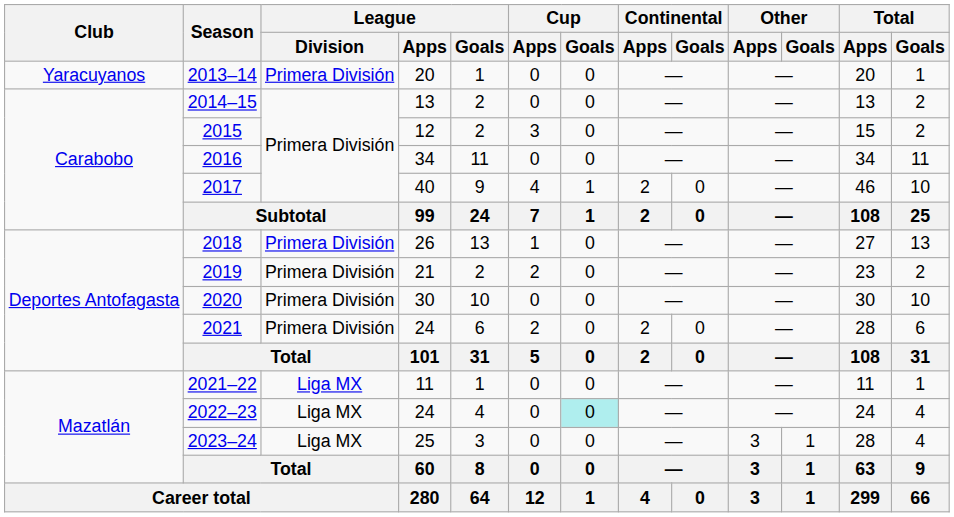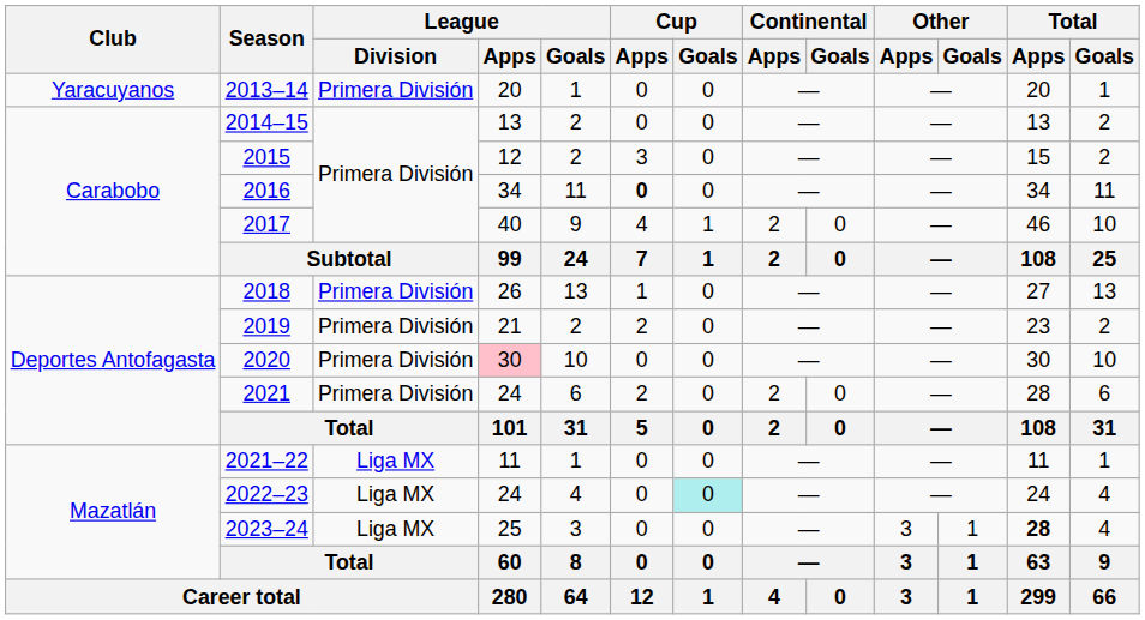 <table class="wikitable" style="text-align:center">
 <tr>
 <th rowspan="2">Club</th>
 <th rowspan="2">Season</th>
 <th colspan="3">League</th>
 <th colspan="2">Cup</th>
 <th colspan="2">Continental</th>
 <th colspan="2">Other</th>
 <th colspan="2">Total</th>
 </tr>
 <tr>
 <th>Division</th>
 <th>Apps</th>
 <th>Goals</th>
 <th>Apps</th>
 <th>Goals</th>
 <th>Apps</th>
 <th>Goals</th>
 <th>Apps</th>
 <th>Goals</th>
 <th>Apps</th>
 <th>Goals</th>
 </tr>
 <tr>
 <td><a href='#'>Yaracuyanos</a></td>
 <td><a href='#'>2013–14</a></td>
 <td><a href='#'>Primera División</a></td>
 <td>20</td>
 <td>1</td>
 <td>0</td>
 <td>0</td>
 <td colspan="2">—</td>
 <td colspan="2">—</td>
 <td>20</td>
 <td>1</td>
 </tr>
 <tr>
 <td rowspan="5"><a href='#'>Carabobo</a></td>
 <td><a href='#'>2014–15</a></td>
 <td rowspan="4">Primera División</td>
 <td>13</td>
 <td>2</td>
 <td>0</td>
 <td>0</td>
 <td colspan="2">—</td>
 <td colspan="2">—</td>
 <td>13</td>
 <td>2</td>
 </tr>
 <tr>
 <td><a href='#'>2015</a></td>
 <td>12</td>
 <td>2</td>
 <td>3</td>
 <td>0</td>
 <td colspan="2">—</td>
 <td colspan="2">—</td>
 <td>15</td>
 <td>2</td>
 </tr>
 <tr>
 <td><a href='#'>2016</a></td>
 <td>34</td>
 <td>11</td>
-<td>0</td>
+<td><strong>0</strong></td>
 <td>0</td>
 <td colspan="2">—</td>
 <td colspan="2">—</td>
 <td>34</td>
 <td>11</td>
 </tr>
 <tr>
 <td><a href='#'>2017</a></td>
 <td>40</td>
 <td>9</td>
 <td>4</td>
 <td>1</td>
 <td>2</td>
 <td>0</td>
 <td colspan="2">—</td>
 <td>46</td>
 <td>10</td>
 </tr>
 <tr>
 <th colspan="2">Subtotal</th>
 <th>99</th>
 <th>24</th>
 <th>7</th>
 <th>1</th>
 <th>2</th>
 <th>0</th>
 <th colspan="2">—</th>
 <th>108</th>
 <th>25</th>
 </tr>
 <tr>
 <td rowspan="5"><a href='#'>Deportes Antofagasta</a></td>
 <td><a href='#'>2018</a></td>
 <td><a href='#'>Primera División</a></td>
 <td>26</td>
 <td>13</td>
 <td>1</td>
 <td>0</td>
 <td colspan="2">—</td>
 <td colspan="2">—</td>
 <td>27</td>
 <td>13</td>
 </tr>
 <tr>
 <td><a href='#'>2019</a></td>
 <td>Primera División</td>
 <td>21</td>
 <td>2</td>
 <td>2</td>
 <td>0</td>
 <td colspan="2">—</td>
 <td colspan="2">—</td>
 <td>23</td>
 <td>2</td>
 </tr>
 <tr>
 <td><a href='#'>2020</a></td>
 <td>Primera División</td>
-<td>30</td>
+<td style="background: pink;">30</td>
 <td>10</td>
 <td>0</td>
 <td>0</td>
 <td colspan="2">—</td>
 <td colspan="2">—</td>
 <td>30</td>
 <td>10</td>
 </tr>
 <tr>
 <td><a href='#'>2021</a></td>
 <td>Primera División</td>
 <td>24</td>
 <td>6</td>
 <td>2</td>
 <td>0</td>
 <td>2</td>
 <td>0</td>
 <td colspan="2">—</td>
 <td>28</td>
 <td>6</td>
 </tr>
 <tr>
 <th colspan="2">Total</th>
 <th>101</th>
 <th>31</th>
 <th>5</th>
 <th>0</th>
 <th>2</th>
 <th>0</th>
 <th colspan="2">—</th>
 <th>108</th>
 <th>31</th>
 </tr>
 <tr>
 <td rowspan="4"><a href='#'>Mazatlán</a></td>
 <td><a href='#'>2021–22</a></td>
 <td><a href='#'>Liga MX</a></td>
 <td>11</td>
 <td>1</td>
 <td>0</td>
 <td>0</td>
 <td colspan="2">—</td>
 <td colspan="2">—</td>
 <td>11</td>
 <td>1</td>
 </tr>
 <tr>
 <td><a href='#'>2022–23</a></td>
 <td>Liga MX</td>
 <td>24</td>
 <td>4</td>
 <td>0</td>
 <td style="background: paleturquoise;">0</td>
 <td colspan="2">—</td>
 <td colspan="2">—</td>
 <td>24</td>
 <td>4</td>
 </tr>
 <tr>
 <td><a href='#'>2023–24</a></td>
 <td>Liga MX</td>
 <td>25</td>
 <td>3</td>
 <td>0</td>
 <td>0</td>
 <td colspan="2">—</td>
 <td>3</td>
 <td>1</td>
-<td>28</td>
+<td><strong>28</strong></td>
 <td>4</td>
 </tr>
 <tr>
 <th colspan="2">Total</th>
 <th>60</th>
 <th>8</th>
 <th>0</th>
 <th>0</th>
 <th colspan="2">—</th>
 <th>3</th>
 <th>1</th>
 <th>63</th>
 <th>9</th>
 </tr>
 <tr>
 <th colspan="3">Career total</th>
 <th>280</th>
 <th>64</th>
 <th>12</th>
 <th>1</th>
 <th>4</th>
 <th>0</th>
 <th>3</th>
 <th>1</th>
 <th>299</th>
 <th>66</th>
 </tr>
 </table>
